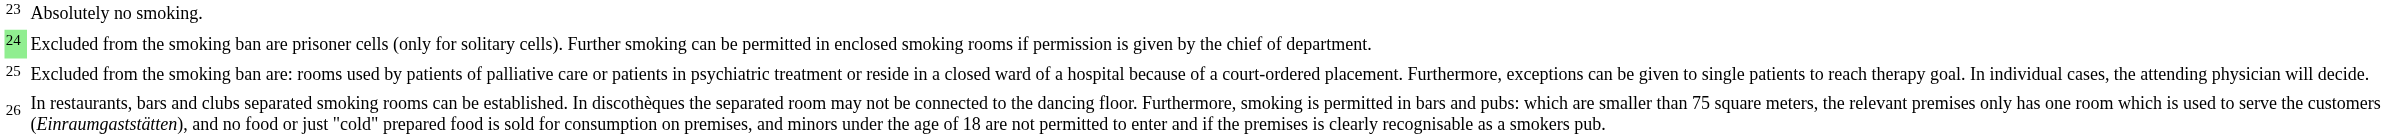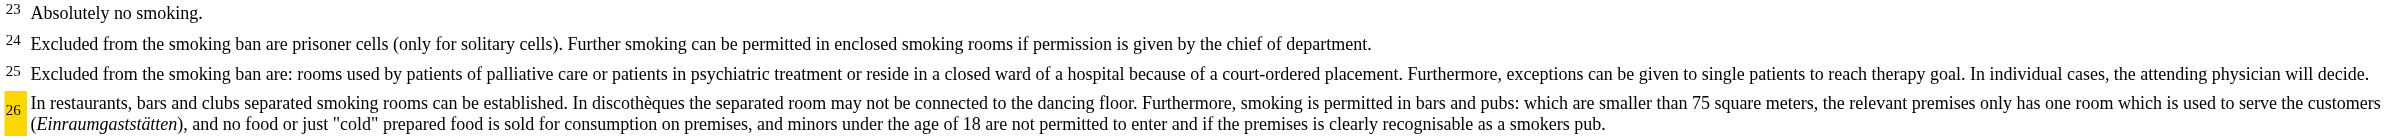 <table class="toptextcells" style="font-size: 90%;">
 <tr>
 <td style="text-align: right; padding-right: 0.33em"><sup>23</sup></td>
 <td>Absolutely no smoking.</td>
 </tr>
 <tr>
-<td style="background: lightgreen; text-align: right; padding-right: 0.33em"><sup>24</sup></td>
+<td style="text-align: right; padding-right: 0.33em"><sup>24</sup></td>
 <td>Excluded from the smoking ban are prisoner cells (only for solitary cells). Further smoking can be permitted in enclosed smoking rooms if permission is given by the chief of department.</td>
 </tr>
 <tr>
 <td style="text-align: right; padding-right: 0.33em"><sup>25</sup></td>
 <td>Excluded from the smoking ban are: rooms used by patients of palliative care or patients in psychiatric treatment or reside in a closed ward of a hospital because of a court-ordered placement. Furthermore, exceptions can be given to single patients to reach therapy goal. In individual cases, the attending physician will decide.</td>
 </tr>
 <tr>
-<td style="text-align: right; padding-right: 0.33em"><sup>26</sup></td>
+<td style="background: gold; text-align: right; padding-right: 0.33em"><sup>26</sup></td>
 <td>In restaurants, bars and clubs separated smoking rooms can be established. In discothèques the separated room may not be connected to the dancing floor. Furthermore, smoking is permitted in bars and pubs: which are smaller than 75 square meters, the relevant premises only has one room which is used to serve the customers (<em>Einraumgaststätten</em>), and no food or just "cold" prepared food is sold for consumption on premises, and minors under the age of 18 are not permitted to enter and if the premises is clearly recognisable as a smokers pub.</td>
 </tr>
 </table>
